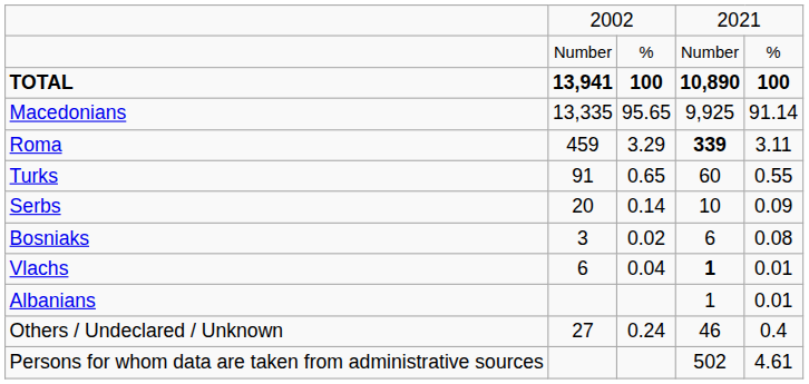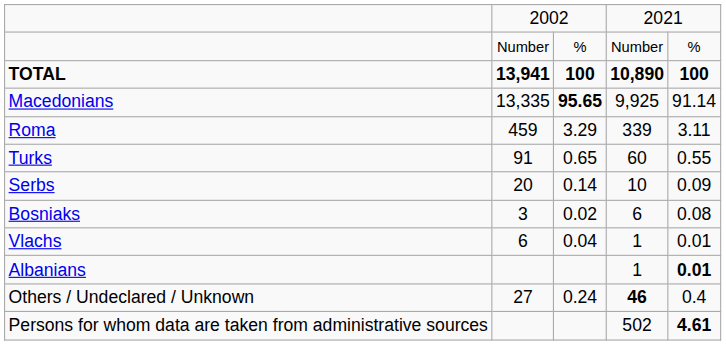 <table class="wikitable">
 <tr>
 <td></td>
 <td colspan="2" align="center">2002</td>
 <td colspan="2" align="center">2021</td>
 </tr>
 <tr>
 <td></td>
 <td align="center"><small>Number</small></td>
 <td align="center"><small>%</small></td>
 <td align="center"><small>Number</small></td>
 <td align="center"><small>%</small></td>
 </tr>
 <tr>
 <td><strong>TOTAL</strong></td>
 <td align="center"><strong>13,941</strong></td>
 <td align="center"><strong>100</strong></td>
 <td align="center"><strong>10,890</strong></td>
 <td align="center"><strong>100</strong></td>
 </tr>
 <tr>
 <td><a href='#'>Macedonians</a></td>
 <td align="center">13,335</td>
-<td align="center">95.65</td>
+<td align="center"><strong>95.65</strong></td>
 <td align="center">9,925</td>
 <td align="center">91.14</td>
 </tr>
 <tr>
 <td><a href='#'>Roma</a></td>
 <td align="center">459</td>
 <td align="center">3.29</td>
-<td align="center"><strong>339</strong></td>
+<td align="center">339</td>
 <td align="center">3.11</td>
 </tr>
 <tr>
 <td><a href='#'>Turks</a></td>
 <td align="center">91</td>
 <td align="center">0.65</td>
 <td align="center">60</td>
 <td align="center">0.55</td>
 </tr>
 <tr>
 <td><a href='#'>Serbs</a></td>
 <td align="center">20</td>
 <td align="center">0.14</td>
 <td align="center">10</td>
 <td align="center">0.09</td>
 </tr>
 <tr>
 <td><a href='#'>Bosniaks</a></td>
 <td align="center">3</td>
 <td align="center">0.02</td>
 <td align="center">6</td>
 <td align="center">0.08</td>
 </tr>
 <tr>
 <td><a href='#'>Vlachs</a></td>
 <td align="center">6</td>
 <td align="center">0.04</td>
-<td align="center"><strong>1</strong></td>
+<td align="center">1</td>
 <td align="center">0.01</td>
 </tr>
 <tr>
 <td><a href='#'>Albanians</a></td>
 <td align="center"></td>
 <td align="center"></td>
 <td align="center">1</td>
-<td align="center">0.01</td>
+<td align="center"><strong>0.01</strong></td>
 </tr>
 <tr>
 <td>Others / Undeclared / Unknown</td>
 <td align="center">27</td>
 <td align="center">0.24</td>
-<td align="center">46</td>
+<td align="center"><strong>46</strong></td>
 <td align="center">0.4</td>
 </tr>
 <tr>
 <td>Persons for whom data are taken from administrative sources</td>
 <td align="center"></td>
 <td align="center"></td>
 <td align="center">502</td>
-<td align="center">4.61</td>
+<td align="center"><strong>4.61</strong></td>
 </tr>
 </table>
